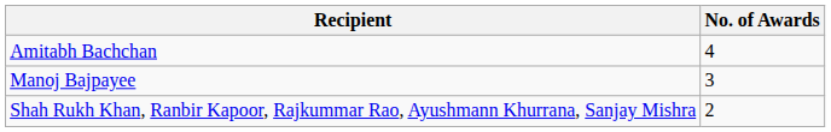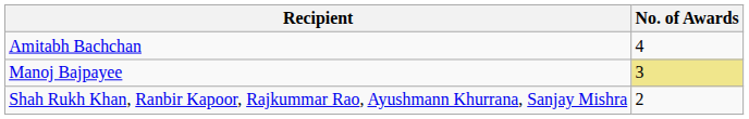 <table class="wikitable">
 <tr>
 <th>Recipient</th>
 <th>No. of Awards</th>
 </tr>
 <tr>
 <td><a href='#'>Amitabh Bachchan</a></td>
 <td>4</td>
 </tr>
 <tr>
 <td><a href='#'>Manoj Bajpayee</a></td>
-<td>3</td>
+<td style="background: khaki;">3</td>
 </tr>
 <tr>
 <td><a href='#'>Shah Rukh Khan</a>, <a href='#'>Ranbir Kapoor</a>, <a href='#'>Rajkummar Rao</a>, <a href='#'>Ayushmann Khurrana</a>, <a href='#'>Sanjay Mishra</a></td>
 <td>2</td>
 </tr>
 </table>
